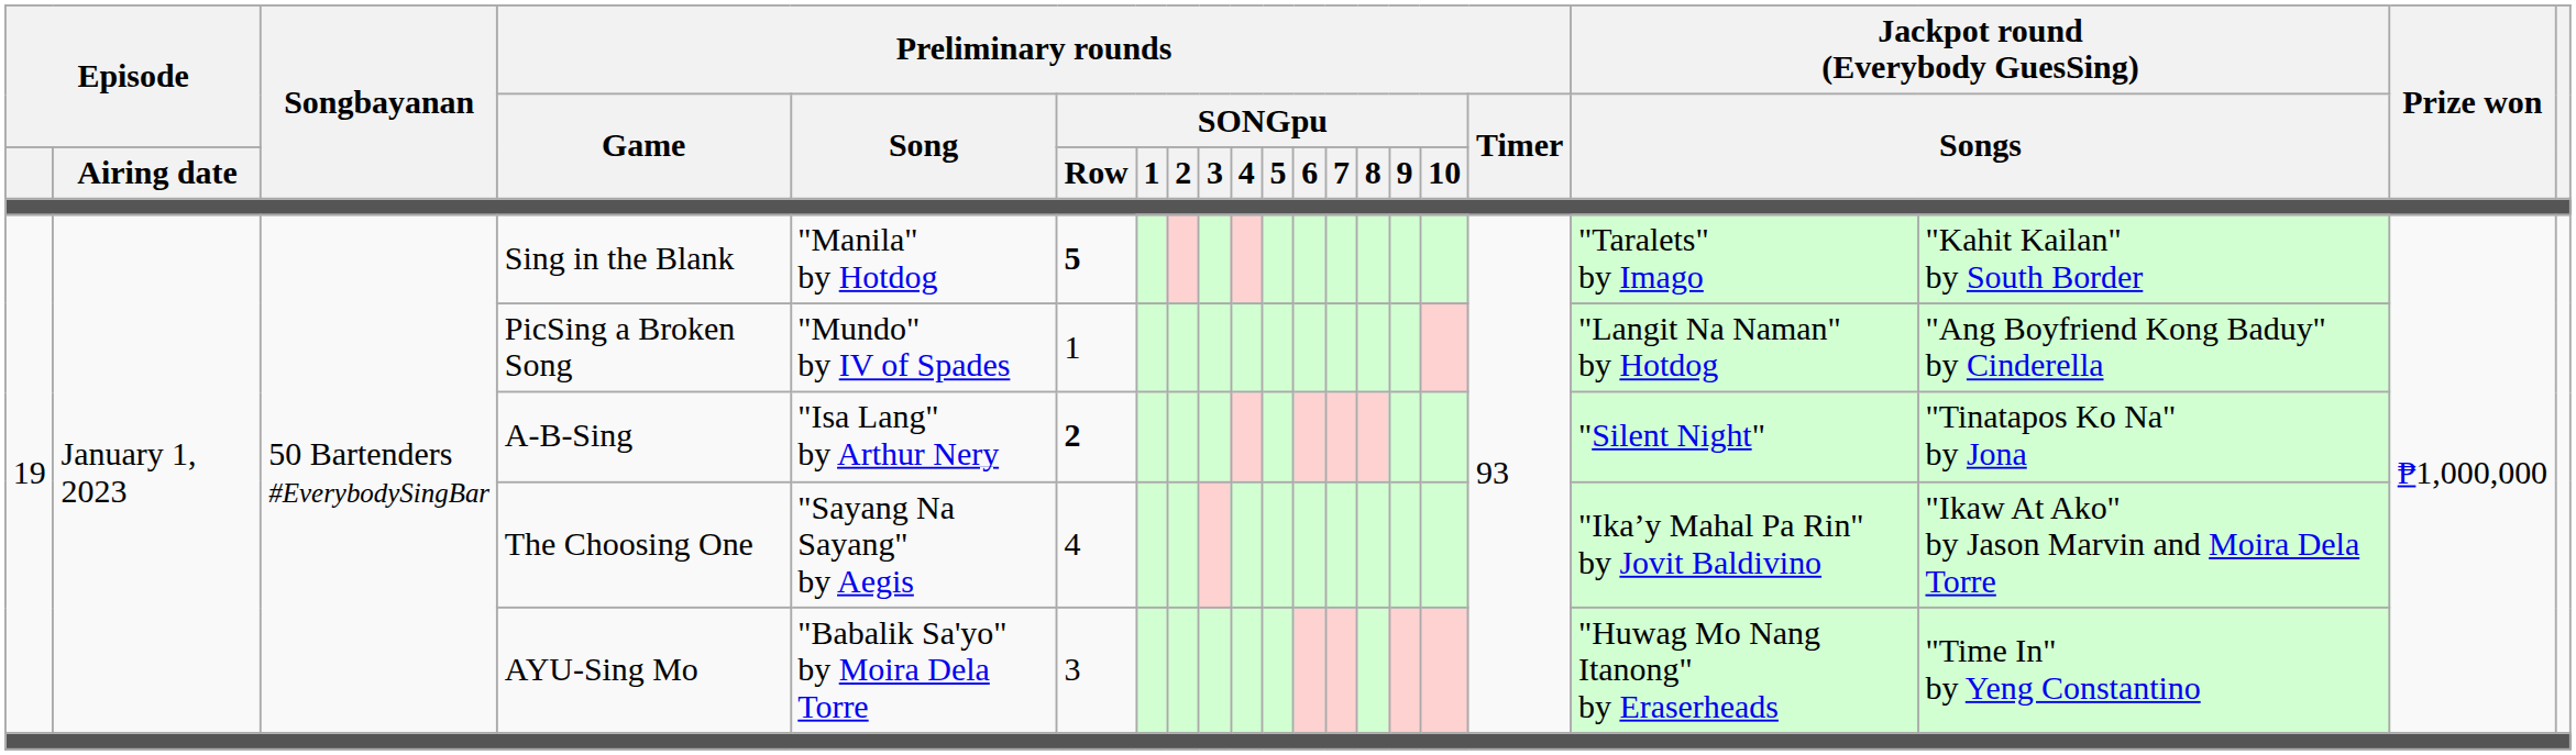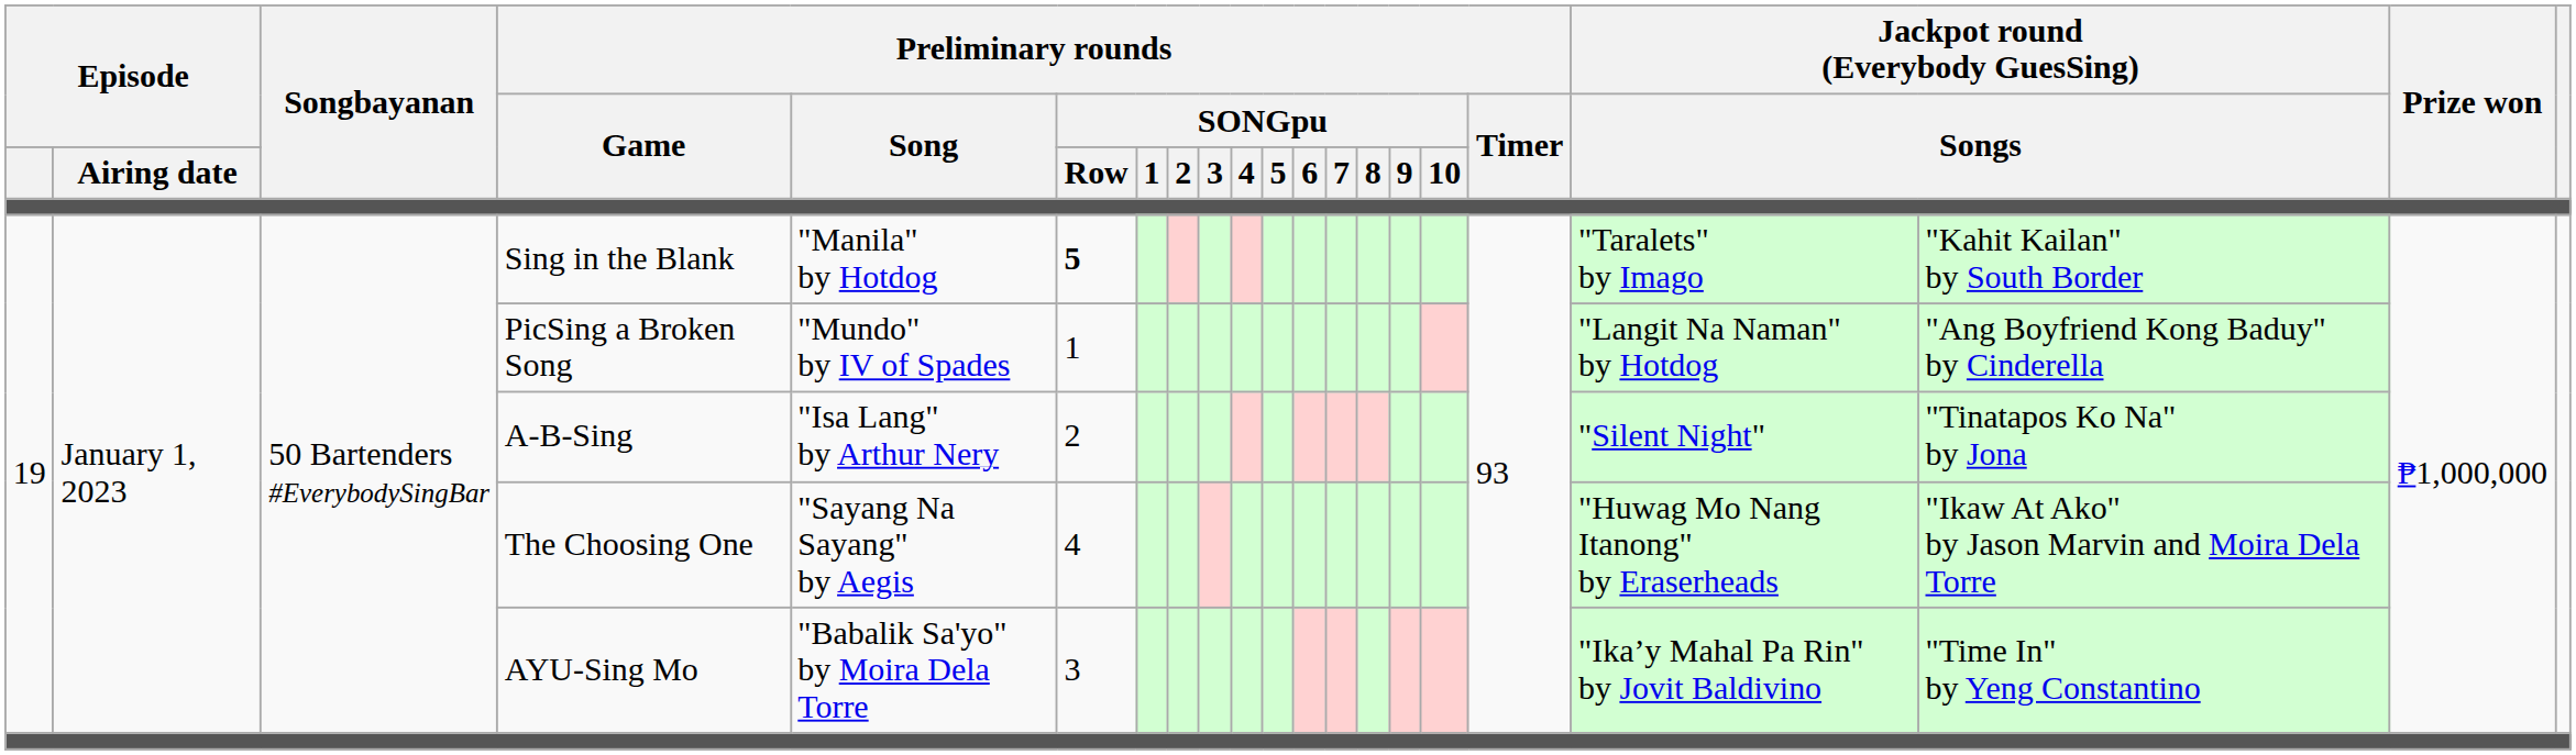 <table class="wikitable plainrowheaders mw-collapsible ">
 <tr>
 <th colspan="2" rowspan="2">Episode</th>
 <th rowspan="3">Songbayanan</th>
 <th colspan="14">Preliminary rounds</th>
 <th colspan="2">Jackpot round<br>(Everybody GuesSing)</th>
 <th rowspan="3">Prize won</th>
 <th rowspan="3"></th>
 </tr>
 <tr>
 <th rowspan="2">Game</th>
 <th rowspan="2">Song</th>
 <th colspan="11">SONGpu</th>
 <th rowspan="2">Timer</th>
 <th colspan="2" rowspan="2">Songs</th>
 </tr>
 <tr>
 <th></th>
 <th>Airing date</th>
 <th>Row</th>
 <th>1</th>
 <th>2</th>
 <th>3</th>
 <th>4</th>
 <th>5</th>
 <th>6</th>
 <th>7</th>
 <th>8</th>
 <th>9</th>
 <th>10</th>
 </tr>
 <tr>
 <th colspan="21" style="background:#555;"></th>
 </tr>
 <tr>
 <td rowspan="5">19</td>
 <td rowspan="5">January 1, 2023</td>
 <td rowspan="5">50 Bartenders<br><small><em>#EverybodySingBar</em></small></td>
 <td>Sing in the Blank</td>
 <td>"Manila"<br>by <a href='#'>Hotdog</a></td>
 <td><strong>5</strong></td>
 <td style="background:#D2FFD2"></td>
 <td style="background:#FFD2D2"></td>
 <td style="background:#D2FFD2"></td>
 <td style="background:#FFD2D2"></td>
 <td style="background:#D2FFD2"></td>
 <td style="background:#D2FFD2"></td>
 <td style="background:#D2FFD2"></td>
 <td style="background:#D2FFD2"></td>
 <td style="background:#D2FFD2"></td>
 <td style="background:#D2FFD2"></td>
 <td rowspan="5">93 </td>
 <td style="background:#D2FFD2">"Taralets"<br>by <a href='#'>Imago</a></td>
 <td style="background:#D2FFD2">"Kahit Kailan"<br>by <a href='#'>South Border</a></td>
 <td rowspan="5"><a href='#'>₱</a>1,000,000</td>
 <td rowspan="5"></td>
 </tr>
 <tr>
 <td>PicSing a Broken Song</td>
 <td>"Mundo"<br>by <a href='#'>IV of Spades</a></td>
 <td>1</td>
 <td style="background:#D2FFD2"></td>
 <td style="background:#D2FFD2"></td>
 <td style="background:#D2FFD2"></td>
 <td style="background:#D2FFD2"></td>
 <td style="background:#D2FFD2"></td>
 <td style="background:#D2FFD2"></td>
 <td style="background:#D2FFD2"></td>
 <td style="background:#D2FFD2"></td>
 <td style="background:#D2FFD2"></td>
 <td style="background:#FFD2D2"></td>
 <td style="background:#D2FFD2">"Langit Na Naman"<br>by <a href='#'>Hotdog</a></td>
 <td style="background:#D2FFD2">"Ang Boyfriend Kong Baduy"<br>by <a href='#'>Cinderella</a></td>
 </tr>
 <tr>
 <td>A-B-Sing</td>
 <td>"Isa Lang"<br>by <a href='#'>Arthur Nery</a></td>
-<td><strong>2</strong></td>
+<td>2</td>
 <td style="background:#D2FFD2"></td>
 <td style="background:#D2FFD2"></td>
 <td style="background:#D2FFD2"></td>
 <td style="background:#FFD2D2"></td>
 <td style="background:#D2FFD2"></td>
 <td style="background:#FFD2D2"></td>
 <td style="background:#FFD2D2"></td>
 <td style="background:#FFD2D2"></td>
 <td style="background:#D2FFD2"></td>
 <td style="background:#D2FFD2"></td>
 <td style="background:#D2FFD2">"<a href='#'>Silent Night</a>"</td>
 <td style="background:#D2FFD2">"Tinatapos Ko Na"<br>by <a href='#'>Jona</a></td>
 </tr>
 <tr>
 <td>The Choosing One</td>
 <td>"Sayang Na Sayang"<br>by <a href='#'>Aegis</a></td>
 <td>4</td>
 <td style="background:#D2FFD2"></td>
 <td style="background:#D2FFD2"></td>
 <td style="background:#FFD2D2"></td>
 <td style="background:#D2FFD2"></td>
 <td style="background:#D2FFD2"></td>
 <td style="background:#D2FFD2"></td>
 <td style="background:#D2FFD2"></td>
 <td style="background:#D2FFD2"></td>
 <td style="background:#D2FFD2"></td>
 <td style="background:#D2FFD2"></td>
-<td style="background:#D2FFD2">"Ika’y Mahal Pa Rin"<br>by <a href='#'>Jovit Baldivino</a></td>
+<td style="background:#D2FFD2">"Huwag Mo Nang Itanong"<br>by <a href='#'>Eraserheads</a></td>
 <td style="background:#D2FFD2">"Ikaw At Ako"<br>by Jason Marvin and <a href='#'>Moira Dela Torre</a></td>
 </tr>
 <tr>
 <td>AYU-Sing Mo</td>
 <td>"Babalik Sa'yo"<br>by <a href='#'>Moira Dela Torre</a></td>
 <td>3</td>
 <td style="background:#D2FFD2"></td>
 <td style="background:#D2FFD2"></td>
 <td style="background:#D2FFD2"></td>
 <td style="background:#D2FFD2"></td>
 <td style="background:#D2FFD2"></td>
 <td style="background:#FFD2D2"></td>
 <td style="background:#FFD2D2"></td>
 <td style="background:#D2FFD2"></td>
 <td style="background:#FFD2D2"></td>
 <td style="background:#FFD2D2"></td>
-<td style="background:#D2FFD2">"Huwag Mo Nang Itanong"<br>by <a href='#'>Eraserheads</a></td>
+<td style="background:#D2FFD2">"Ika’y Mahal Pa Rin"<br>by <a href='#'>Jovit Baldivino</a></td>
 <td style="background:#D2FFD2">"Time In"<br>by <a href='#'>Yeng Constantino</a></td>
 </tr>
 <tr>
 <th colspan="21" style="background:#555;"></th>
 </tr>
 <tr>
 </tr>
 </table>
